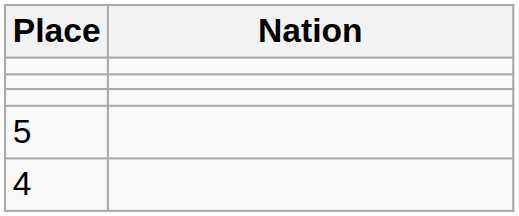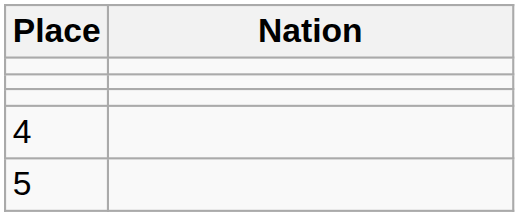 <table class=wikitable style=text-align:left>
 <tr>
 <th width=35>Place</th>
 <th width=185>Nation</th>
 </tr>
 <tr>
 <td></td>
 <td style=text-align:left></td>
 </tr>
 <tr>
 <td></td>
 <td style=text-align:left></td>
 </tr>
 <tr>
 <td></td>
 <td style=text-align:left> </td>
 </tr>
 <tr>
-<td style=text-align:left>5</td>
+<td style=text-align:left>4</td>
 <td></td>
 </tr>
 <tr>
-<td style=text-align:left>4</td>
+<td style=text-align:left>5</td>
 <td> </td>
 </tr>
 </table>
